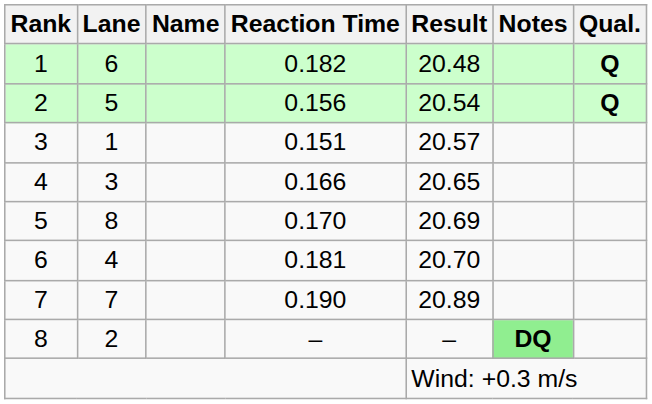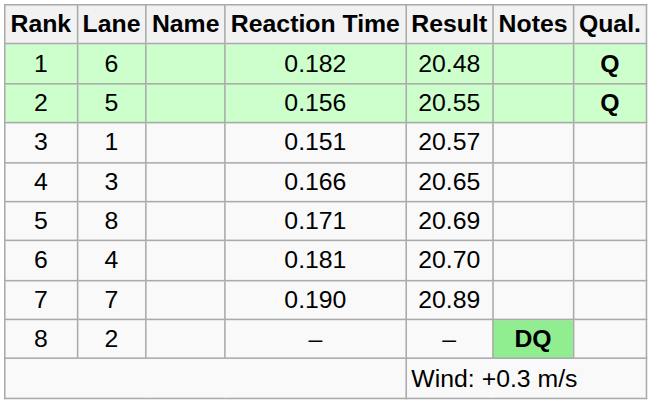 <table class="wikitable" style="text-align:center">
 <tr>
 <th>Rank</th>
 <th>Lane</th>
 <th>Name</th>
 <th>Reaction Time</th>
 <th>Result</th>
 <th>Notes</th>
 <th>Qual.</th>
 </tr>
 <tr bgcolor=ccffcc>
 <td>1</td>
 <td>6</td>
 <td align="left"></td>
 <td>0.182</td>
 <td>20.48</td>
 <td></td>
 <td><strong>Q</strong></td>
 </tr>
 <tr bgcolor=ccffcc>
 <td>2</td>
 <td>5</td>
 <td align="left"></td>
 <td>0.156</td>
-<td>20.54</td>
+<td>20.55</td>
 <td></td>
 <td><strong>Q</strong></td>
 </tr>
 <tr>
 <td>3</td>
 <td>1</td>
 <td align="left"></td>
 <td>0.151</td>
 <td>20.57</td>
 <td></td>
 <td></td>
 </tr>
 <tr>
 <td>4</td>
 <td>3</td>
 <td align="left"></td>
 <td>0.166</td>
 <td>20.65</td>
 <td></td>
 <td></td>
 </tr>
 <tr>
 <td>5</td>
 <td>8</td>
 <td align="left"></td>
-<td>0.170</td>
+<td>0.171</td>
 <td>20.69</td>
 <td></td>
 <td></td>
 </tr>
 <tr>
 <td>6</td>
 <td>4</td>
 <td align="left"></td>
 <td>0.181</td>
 <td>20.70</td>
 <td></td>
 <td></td>
 </tr>
 <tr>
 <td>7</td>
 <td>7</td>
 <td align="left"></td>
 <td>0.190</td>
 <td>20.89</td>
 <td></td>
 <td></td>
 </tr>
 <tr>
 <td>8</td>
 <td>2</td>
 <td align="left"></td>
 <td>–</td>
 <td>–</td>
 <td style="background: lightgreen;"><strong>DQ</strong></td>
 <td></td>
 </tr>
 <tr class="sortbottom">
 <td colspan=4></td>
 <td colspan="3" style="text-align:left;">Wind: +0.3 m/s</td>
 </tr>
 </table>
